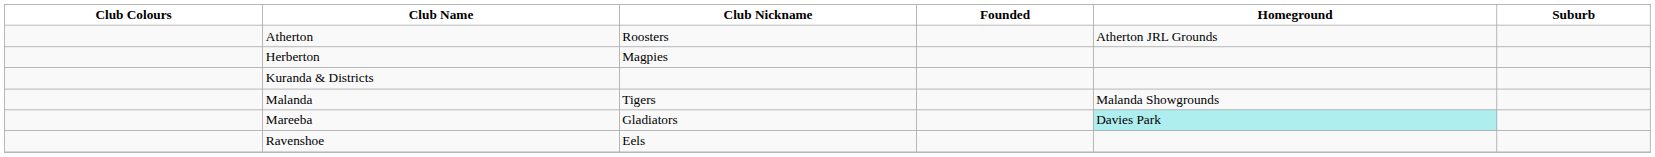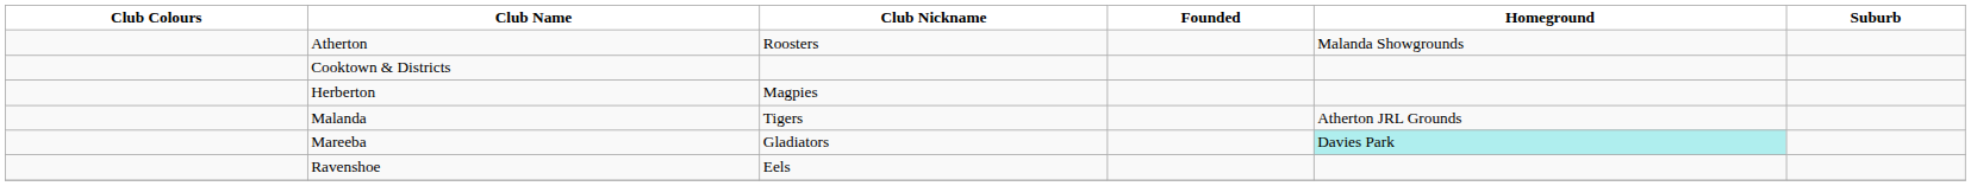 <table class="wikitable" style="width:100%; text-align:left">
 <tr>
 <th style="background:white;">Club Colours</th>
 <th style="background:white;">Club Name</th>
 <th style="background:white;">Club Nickname</th>
 <th style="background:white;">Founded</th>
 <th style="background:white;">Homeground</th>
 <th style="background:white;">Suburb</th>
 </tr>
 <tr>
 <td></td>
 <td>Atherton</td>
 <td>Roosters</td>
 <td></td>
-<td>Atherton JRL Grounds</td>
+<td>Malanda Showgrounds</td>
+<td></td>
+</tr>
+<tr>
+<td></td>
+<td>Cooktown & Districts</td>
+<td></td>
+<td></td>
+<td></td>
 <td></td>
 </tr>
 <tr>
 <td></td>
 <td>Herberton</td>
 <td>Magpies</td>
 <td></td>
 <td></td>
 <td></td>
 </tr>
 <tr>
 <td></td>
-<td>Kuranda & Districts</td>
-<td></td>
-<td></td>
-<td></td>
-<td></td>
-</tr>
-<tr>
-<td></td>
 <td>Malanda</td>
 <td>Tigers</td>
 <td></td>
-<td>Malanda Showgrounds</td>
+<td>Atherton JRL Grounds</td>
 <td></td>
 </tr>
 <tr>
 <td></td>
 <td>Mareeba</td>
 <td>Gladiators</td>
 <td></td>
 <td style="background: paleturquoise;">Davies Park</td>
 <td></td>
 </tr>
 <tr>
 <td></td>
 <td>Ravenshoe</td>
 <td>Eels</td>
 <td></td>
 <td></td>
 <td></td>
 </tr>
 <tr>
 </tr>
 </table>
